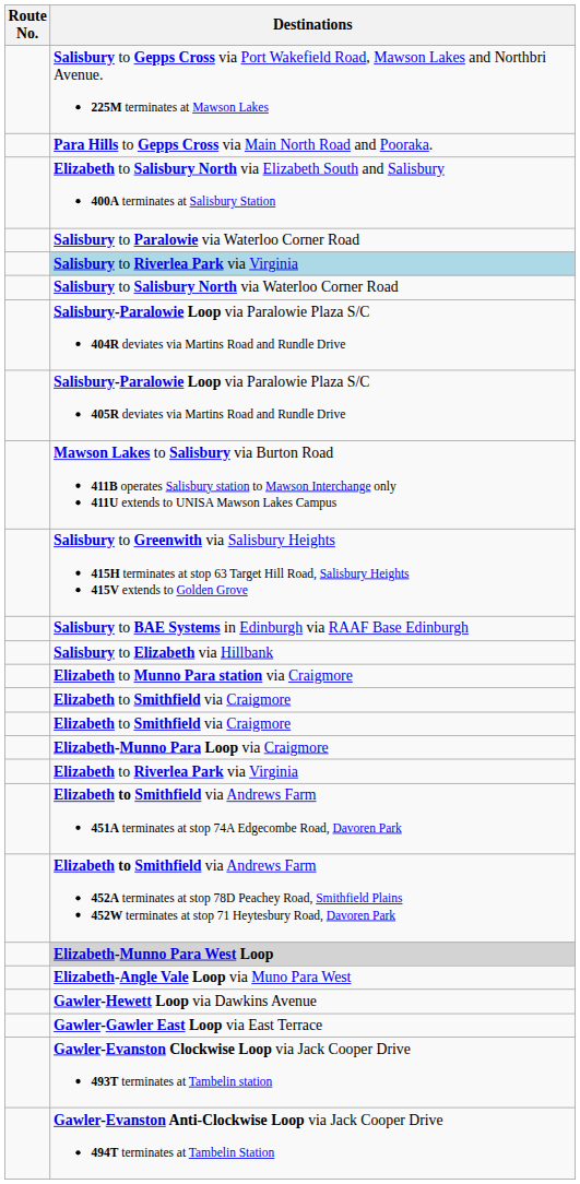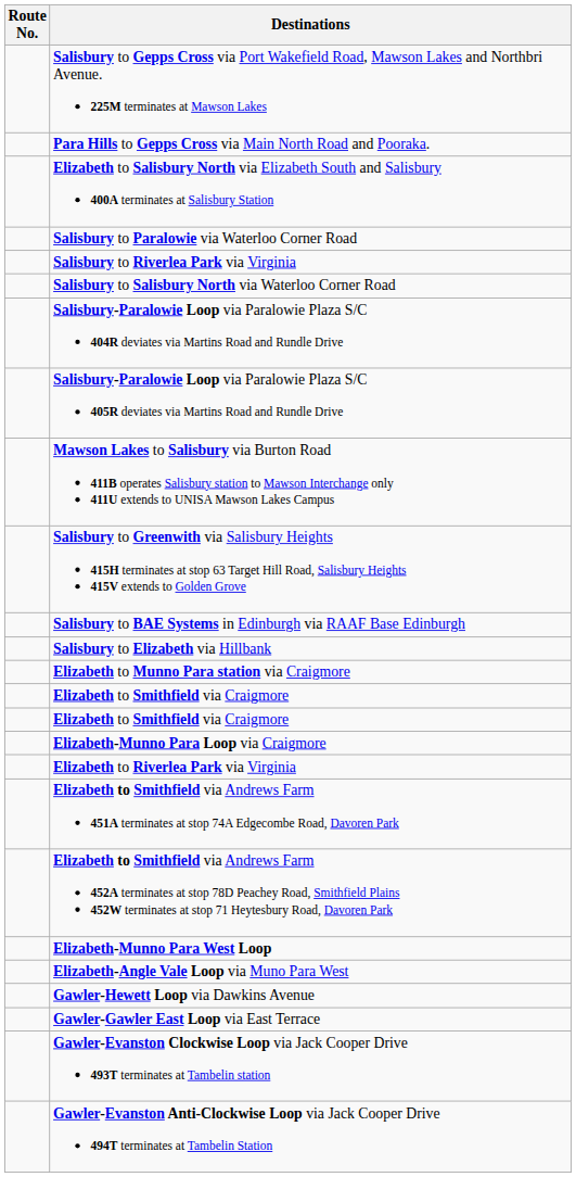 <table class="wikitable">
 <tr>
 <th>Route<br>No.</th>
 <th>Destinations</th>
 </tr>
 <tr>
 <td></td>
 <td><strong><a href='#'>Salisbury</a></strong> to <strong><a href='#'>Gepps Cross</a></strong> via <a href='#'>Port Wakefield Road</a>, <a href='#'>Mawson Lakes</a> and Northbri Avenue.<br><ul><li><small> <strong>225M</strong> terminates at <a href='#'>Mawson Lakes</a> </small></li></ul></td>
 </tr>
 <tr>
 <td></td>
 <td><strong><a href='#'>Para Hills</a></strong> to <strong><a href='#'>Gepps Cross</a></strong> via <a href='#'>Main North Road</a> and <a href='#'>Pooraka</a>.</td>
 </tr>
 <tr>
 <td></td>
 <td><strong><a href='#'>Elizabeth</a></strong> to <strong><a href='#'>Salisbury North</a></strong> via <a href='#'>Elizabeth South</a> and <a href='#'>Salisbury</a><br><ul><li><small> <strong>400A</strong> terminates at <a href='#'>Salisbury Station</a></small></li></ul></td>
 </tr>
 <tr>
 <td></td>
 <td><strong><a href='#'>Salisbury</a></strong> to <strong><a href='#'>Paralowie</a></strong> via Waterloo Corner Road</td>
 </tr>
 <tr>
 <td></td>
-<td style="background: lightblue;"><strong><a href='#'>Salisbury</a></strong> to <strong><a href='#'>Riverlea Park</a></strong> via <a href='#'>Virginia</a></td>
+<td><strong><a href='#'>Salisbury</a></strong> to <strong><a href='#'>Riverlea Park</a></strong> via <a href='#'>Virginia</a></td>
 </tr>
 <tr>
 <td></td>
 <td><strong><a href='#'>Salisbury</a></strong> to <strong><a href='#'>Salisbury North</a></strong> via Waterloo Corner Road</td>
 </tr>
 <tr>
 <td></td>
 <td><strong><a href='#'>Salisbury</a>-<a href='#'>Paralowie</a> Loop</strong> via Paralowie Plaza S/C<br><ul><li><small> <strong>404R</strong> deviates via Martins Road and Rundle Drive </small></li></ul></td>
 </tr>
 <tr>
 <td></td>
 <td><strong><a href='#'>Salisbury</a>-<a href='#'>Paralowie</a> Loop</strong> via Paralowie Plaza S/C<br><ul><li><small> <strong>405R</strong> deviates via Martins Road and Rundle Drive </small></li></ul></td>
 </tr>
 <tr>
 <td></td>
 <td><strong><a href='#'>Mawson Lakes</a></strong> to <strong><a href='#'>Salisbury</a></strong> via Burton Road<br><ul><li><small> <strong>411B</strong> operates <a href='#'>Salisbury station</a> to <a href='#'>Mawson Interchange</a> only </small></li><li><small> <strong>411U</strong> extends to UNISA Mawson Lakes Campus </small></li></ul></td>
 </tr>
 <tr>
 <td></td>
 <td><strong><a href='#'>Salisbury</a></strong> to <strong><a href='#'>Greenwith</a></strong> via <a href='#'>Salisbury Heights</a><br><ul><li><small> <strong>415H</strong> terminates at stop 63 Target Hill Road, <a href='#'>Salisbury Heights</a> </small></li><li><small> <strong>415V</strong> extends to <a href='#'>Golden Grove</a> </small></li></ul></td>
 </tr>
 <tr>
 <td></td>
 <td><strong><a href='#'>Salisbury</a></strong> to <strong><a href='#'>BAE Systems</a></strong> in <a href='#'>Edinburgh</a> via <a href='#'>RAAF Base Edinburgh</a></td>
 </tr>
 <tr>
 <td></td>
 <td><strong><a href='#'>Salisbury</a></strong> to <strong><a href='#'>Elizabeth</a></strong> via <a href='#'>Hillbank</a></td>
 </tr>
 <tr>
 <td></td>
 <td><strong><a href='#'>Elizabeth</a></strong> to <strong><a href='#'>Munno Para station</a></strong> via <a href='#'>Craigmore</a></td>
 </tr>
 <tr>
 <td></td>
 <td><strong><a href='#'>Elizabeth</a></strong> to <strong><a href='#'>Smithfield</a></strong> via <a href='#'>Craigmore</a></td>
 </tr>
 <tr>
 <td></td>
 <td><strong><a href='#'>Elizabeth</a></strong> to <strong><a href='#'>Smithfield</a></strong> via <a href='#'>Craigmore</a></td>
 </tr>
 <tr>
 <td></td>
 <td><strong><a href='#'>Elizabeth</a>-<a href='#'>Munno Para</a> Loop</strong> via <a href='#'>Craigmore</a></td>
 </tr>
 <tr>
 <td></td>
 <td><strong><a href='#'>Elizabeth</a></strong> to <strong><a href='#'>Riverlea Park</a></strong> via <a href='#'>Virginia</a></td>
 </tr>
 <tr>
 <td></td>
 <td><strong><a href='#'>Elizabeth</a> to <a href='#'>Smithfield</a></strong> via <a href='#'>Andrews Farm</a><br><ul><li><small> <strong>451A</strong> terminates at stop 74A Edgecombe Road, <a href='#'>Davoren Park</a> </small></li></ul></td>
 </tr>
 <tr>
 <td></td>
 <td><strong><a href='#'>Elizabeth</a> to <a href='#'>Smithfield</a></strong> via <a href='#'>Andrews Farm</a><br><ul><li><small> <strong>452A</strong> terminates at stop 78D Peachey Road, <a href='#'>Smithfield Plains</a> </small></li><li><small> <strong>452W</strong> terminates at stop 71 Heytesbury Road, <a href='#'>Davoren Park</a> </small></li></ul></td>
 </tr>
 <tr>
 <td></td>
-<td style="background: lightgrey;"><strong><a href='#'>Elizabeth</a>-<a href='#'>Munno Para West</a> Loop</strong></td>
+<td><strong><a href='#'>Elizabeth</a>-<a href='#'>Munno Para West</a> Loop</strong></td>
 </tr>
 <tr>
 <td></td>
 <td><strong><a href='#'>Elizabeth</a>-<a href='#'>Angle Vale</a> Loop</strong> via <a href='#'>Muno Para West</a></td>
 </tr>
 <tr>
 <td></td>
 <td><strong><a href='#'>Gawler</a>-<a href='#'>Hewett</a> Loop</strong> via Dawkins Avenue</td>
 </tr>
 <tr>
 <td></td>
 <td><strong><a href='#'>Gawler</a>-<a href='#'>Gawler East</a> Loop</strong> via East Terrace</td>
 </tr>
 <tr>
 <td></td>
 <td><strong><a href='#'>Gawler</a>-<a href='#'>Evanston</a> Clockwise Loop</strong> via Jack Cooper Drive<br><ul><li><small> <strong>493T</strong> terminates at <a href='#'>Tambelin station</a> </small></li></ul></td>
 </tr>
 <tr>
 <td></td>
 <td><strong><a href='#'>Gawler</a>-<a href='#'>Evanston</a> Anti-Clockwise Loop</strong> via Jack Cooper Drive<br><ul><li><small> <strong>494T</strong> terminates at <a href='#'>Tambelin Station</a> </small></li></ul></td>
 </tr>
 </table>
